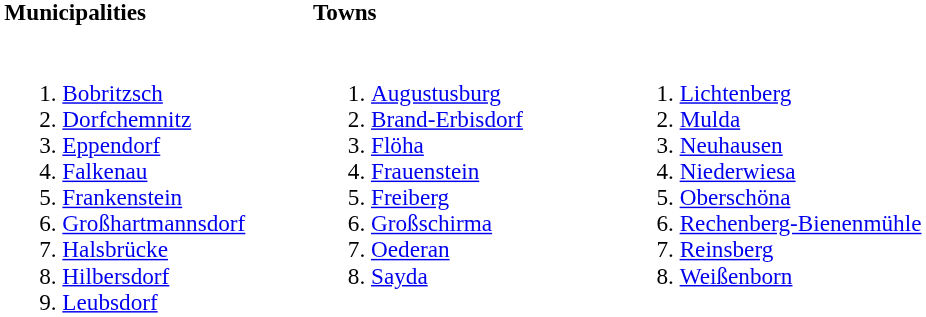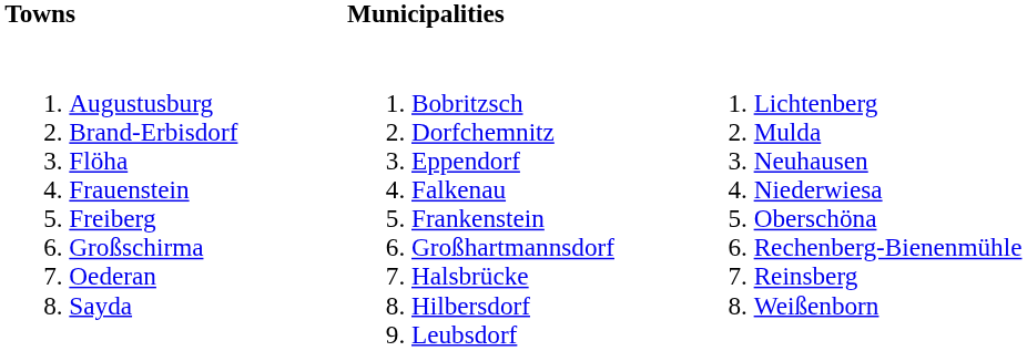 <table>
 <tr>
+<th style="text-align:left; width:33%;">Towns</th>
 <th style="text-align:left; width:33%;">Municipalities</th>
-<th style="text-align:left; width:33%;">Towns</th>
 <th style="text-align:left; width:33%;"></th>
 </tr>
 <tr valign=top>
+<td><br><ol><li><a href='#'>Augustusburg</a></li><li><a href='#'>Brand-Erbisdorf</a></li><li><a href='#'>Flöha</a></li><li><a href='#'>Frauenstein</a></li><li><a href='#'>Freiberg</a></li><li><a href='#'>Großschirma</a></li><li><a href='#'>Oederan</a></li><li><a href='#'>Sayda</a></li></ol></td>
 <td><br><ol><li><a href='#'>Bobritzsch</a></li><li><a href='#'>Dorfchemnitz</a></li><li><a href='#'>Eppendorf</a></li><li><a href='#'>Falkenau</a></li><li><a href='#'>Frankenstein</a></li><li><a href='#'>Großhartmannsdorf</a></li><li><a href='#'>Halsbrücke</a></li><li><a href='#'>Hilbersdorf</a></li><li><a href='#'>Leubsdorf</a></li></ol></td>
-<td><br><ol><li><a href='#'>Augustusburg</a></li><li><a href='#'>Brand-Erbisdorf</a></li><li><a href='#'>Flöha</a></li><li><a href='#'>Frauenstein</a></li><li><a href='#'>Freiberg</a></li><li><a href='#'>Großschirma</a></li><li><a href='#'>Oederan</a></li><li><a href='#'>Sayda</a></li></ol></td>
 <td><br><ol> <li> <a href='#'>Lichtenberg</a> <li> <a href='#'>Mulda</a> <li> <a href='#'>Neuhausen</a> <li> <a href='#'>Niederwiesa</a> <li> <a href='#'>Oberschöna</a> <li> <a href='#'>Rechenberg-Bienenmühle</a> <li> <a href='#'>Reinsberg</a> <li> <a href='#'>Weißenborn</a> </ol></td>
 </tr>
 </table>
